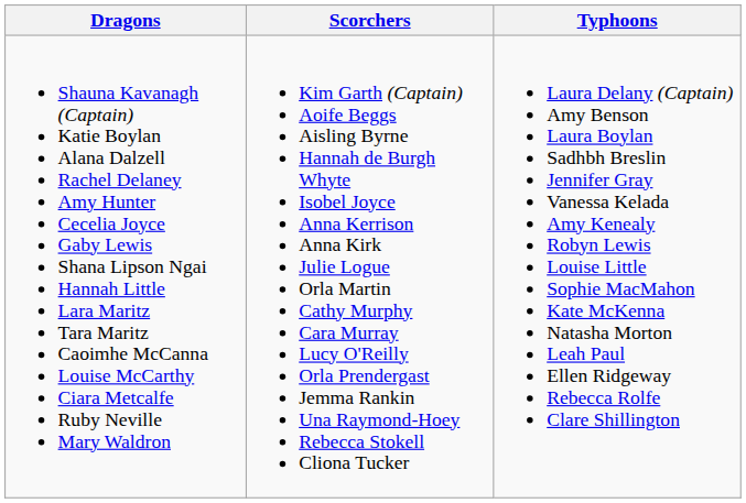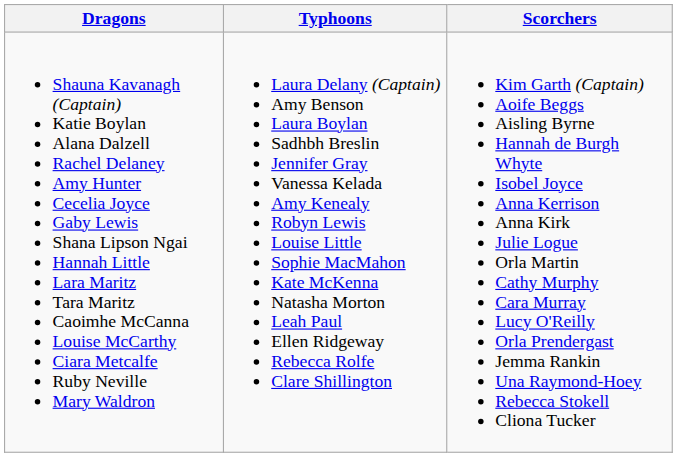 <table class="wikitable">
 <tr>
 <th width=300><a href='#'>Dragons</a></th>
+<th width=300><a href='#'>Typhoons</a></th>
 <th width=300><a href='#'>Scorchers</a></th>
-<th width=300><a href='#'>Typhoons</a></th>
 </tr>
 <tr>
 <td valign=top><br><ul><li><a href='#'>Shauna Kavanagh</a> <em>(Captain)</em></li><li>Katie Boylan</li><li>Alana Dalzell</li><li><a href='#'>Rachel Delaney</a></li><li><a href='#'>Amy Hunter</a></li><li><a href='#'>Cecelia Joyce</a></li><li><a href='#'>Gaby Lewis</a></li><li>Shana Lipson Ngai</li><li><a href='#'>Hannah Little</a></li><li><a href='#'>Lara Maritz</a></li><li>Tara Maritz</li><li>Caoimhe McCanna</li><li><a href='#'>Louise McCarthy</a></li><li><a href='#'>Ciara Metcalfe</a></li><li>Ruby Neville</li><li><a href='#'>Mary Waldron</a></li></ul></td>
+<td valign=top><br><ul><li><a href='#'>Laura Delany</a> <em>(Captain)</em></li><li>Amy Benson</li><li><a href='#'>Laura Boylan</a></li><li>Sadhbh Breslin</li><li><a href='#'>Jennifer Gray</a></li><li>Vanessa Kelada</li><li><a href='#'>Amy Kenealy</a></li><li><a href='#'>Robyn Lewis</a></li><li><a href='#'>Louise Little</a></li><li><a href='#'>Sophie MacMahon</a></li><li><a href='#'>Kate McKenna</a></li><li>Natasha Morton</li><li><a href='#'>Leah Paul</a></li><li>Ellen Ridgeway</li><li><a href='#'>Rebecca Rolfe</a></li><li><a href='#'>Clare Shillington</a></li></ul></td>
 <td valign=top><br><ul><li><a href='#'>Kim Garth</a> <em>(Captain)</em></li><li><a href='#'>Aoife Beggs</a></li><li>Aisling Byrne</li><li><a href='#'>Hannah de Burgh Whyte</a></li><li><a href='#'>Isobel Joyce</a></li><li><a href='#'>Anna Kerrison</a></li><li>Anna Kirk</li><li><a href='#'>Julie Logue</a></li><li>Orla Martin</li><li><a href='#'>Cathy Murphy</a></li><li><a href='#'>Cara Murray</a></li><li><a href='#'>Lucy O'Reilly</a></li><li><a href='#'>Orla Prendergast</a></li><li>Jemma Rankin</li><li><a href='#'>Una Raymond-Hoey</a></li><li><a href='#'>Rebecca Stokell</a></li><li>Cliona Tucker</li></ul></td>
-<td valign=top><br><ul><li><a href='#'>Laura Delany</a> <em>(Captain)</em></li><li>Amy Benson</li><li><a href='#'>Laura Boylan</a></li><li>Sadhbh Breslin</li><li><a href='#'>Jennifer Gray</a></li><li>Vanessa Kelada</li><li><a href='#'>Amy Kenealy</a></li><li><a href='#'>Robyn Lewis</a></li><li><a href='#'>Louise Little</a></li><li><a href='#'>Sophie MacMahon</a></li><li><a href='#'>Kate McKenna</a></li><li>Natasha Morton</li><li><a href='#'>Leah Paul</a></li><li>Ellen Ridgeway</li><li><a href='#'>Rebecca Rolfe</a></li><li><a href='#'>Clare Shillington</a></li></ul></td>
 </tr>
 </table>
